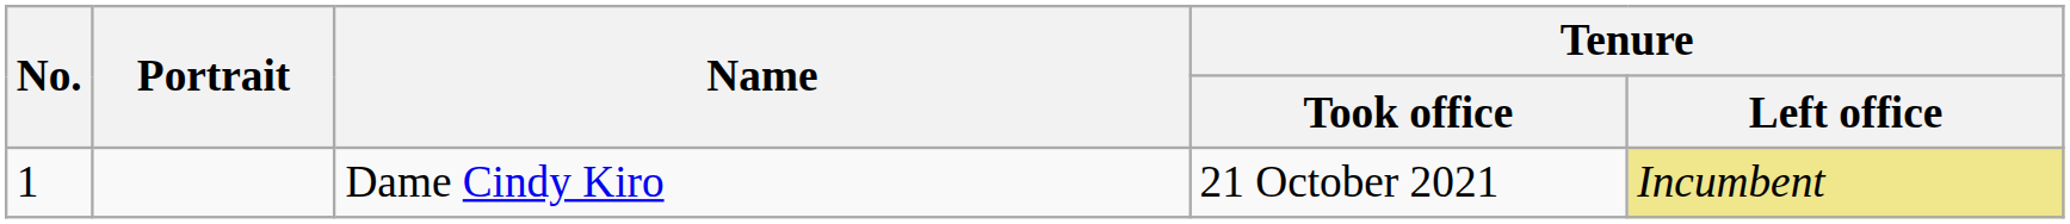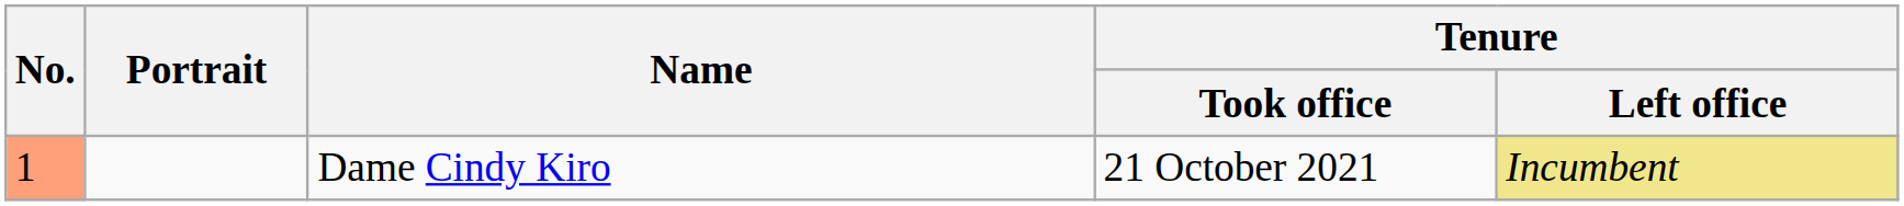 <table class="wikitable">
 <tr>
 <th scope="col" style="width:20px;" rowspan="2">No.</th>
 <th scope="col" style="width:80px;" rowspan="2">Portrait</th>
 <th scope="col" style="width:300px;" rowspan="2">Name<br></th>
 <th scope="col" style="width:300px;" colspan="2">Tenure</th>
 </tr>
 <tr>
 <th scope="col" style="width:150px;">Took office</th>
 <th scope="col" style="width:150px;">Left office</th>
 </tr>
 <tr>
-<td>1</td>
+<td style="background: lightsalmon;">1</td>
 <td style="text-align: center;"></td>
 <td>Dame <a href='#'>Cindy Kiro</a><br></td>
 <td>21 October 2021</td>
 <td style="background: khaki;"><em>Incumbent</em></td>
 </tr>
 </table>
